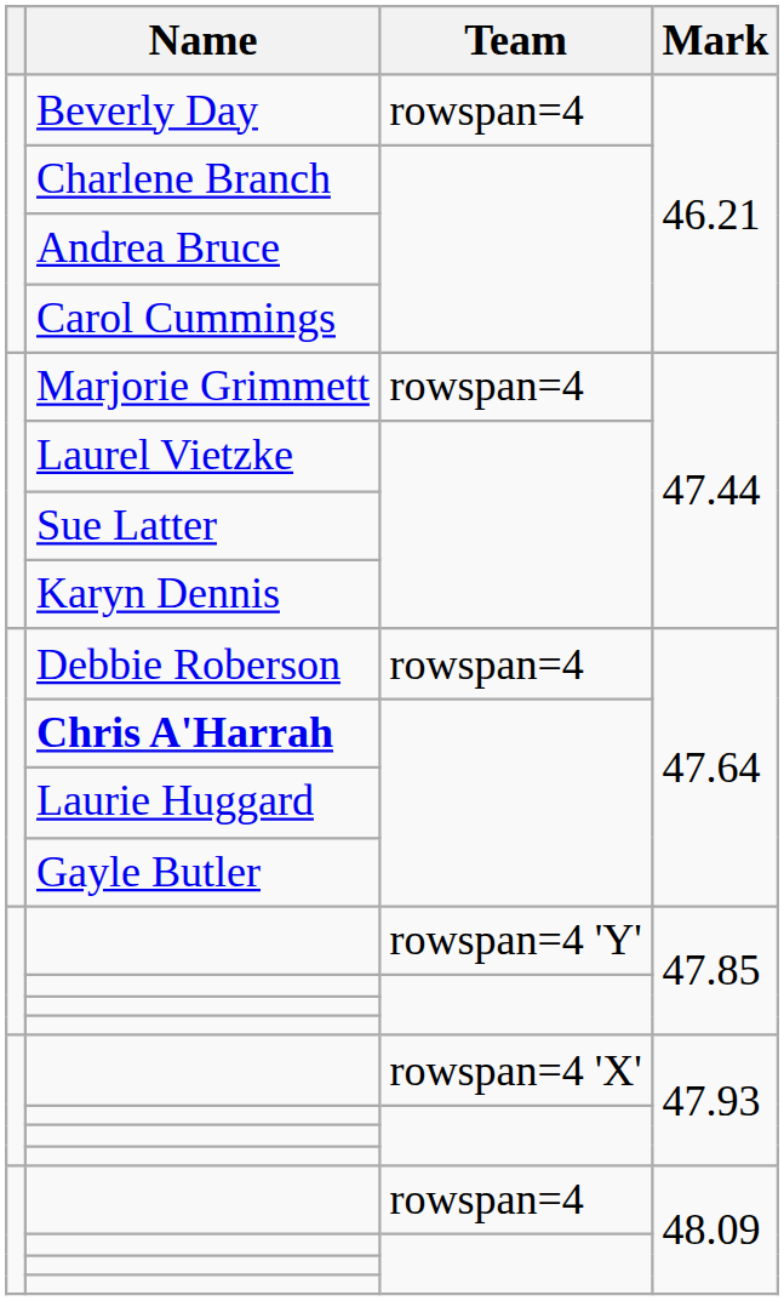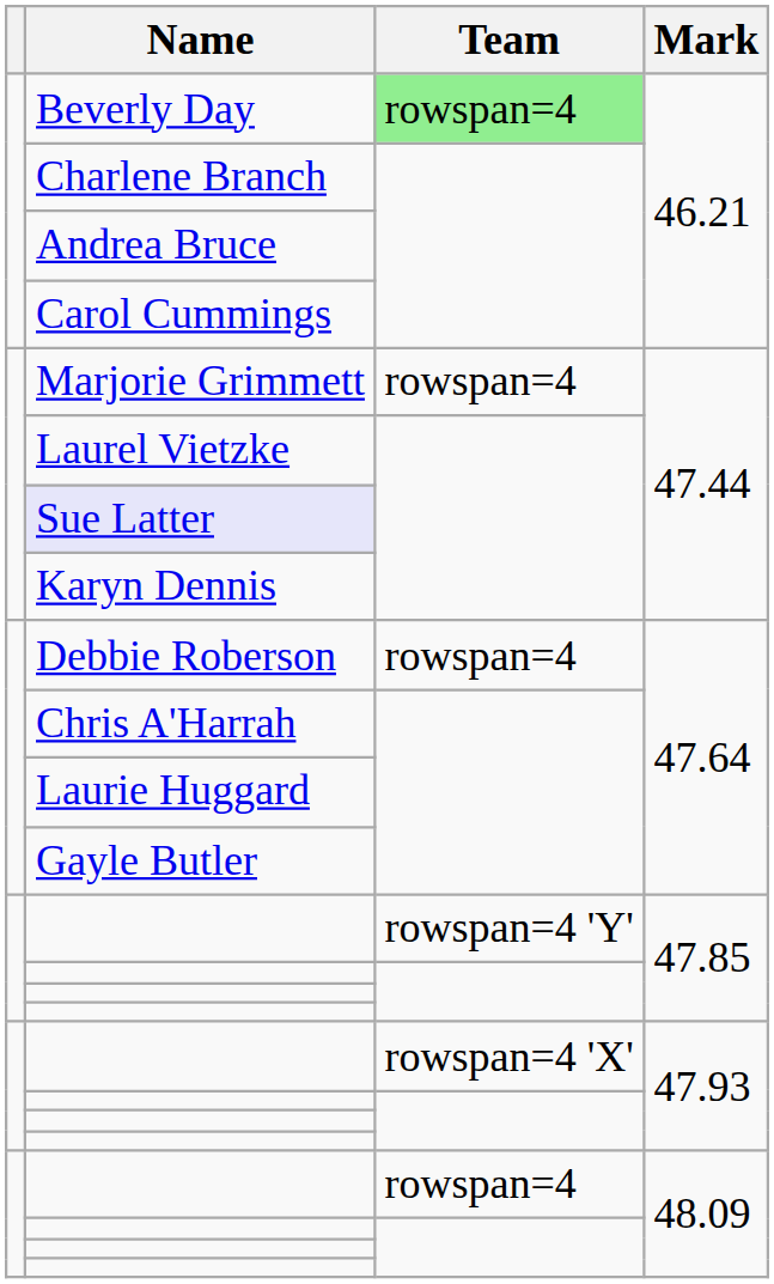 <table class=wikitable>
 <tr>
 <th></th>
 <th>Name</th>
 <th>Team</th>
 <th>Mark</th>
 </tr>
 <tr>
 <td rowspan=4></td>
 <td><a href='#'>Beverly Day</a></td>
-<td>rowspan=4 </td>
+<td style="background: lightgreen;">rowspan=4 </td>
 <td rowspan=4>46.21</td>
 </tr>
 <tr>
 <td><a href='#'>Charlene Branch</a></td>
 </tr>
 <tr>
 <td><a href='#'>Andrea Bruce</a></td>
 </tr>
 <tr>
 <td><a href='#'>Carol Cummings</a></td>
 </tr>
 <tr>
 <td rowspan=4></td>
 <td><a href='#'>Marjorie Grimmett</a></td>
 <td>rowspan=4 </td>
 <td rowspan=4>47.44</td>
 </tr>
 <tr>
 <td><a href='#'>Laurel Vietzke</a></td>
 </tr>
 <tr>
-<td><a href='#'>Sue Latter</a></td>
+<td style="background: lavender;"><a href='#'>Sue Latter</a></td>
 </tr>
 <tr>
 <td><a href='#'>Karyn Dennis</a></td>
 </tr>
 <tr>
 <td rowspan=4></td>
 <td><a href='#'>Debbie Roberson</a></td>
 <td>rowspan=4 </td>
 <td rowspan=4>47.64</td>
 </tr>
 <tr>
-<td><strong><a href='#'>Chris A'Harrah</a></strong></td>
+<td><a href='#'>Chris A'Harrah</a></td>
 </tr>
 <tr>
 <td><a href='#'>Laurie Huggard</a></td>
 </tr>
 <tr>
 <td><a href='#'>Gayle Butler</a></td>
 </tr>
 <tr>
 <td rowspan=4></td>
 <td></td>
 <td>rowspan=4  'Y'</td>
 <td rowspan=4>47.85</td>
 </tr>
 <tr>
 <td></td>
 </tr>
 <tr>
 <td></td>
 </tr>
 <tr>
 <td></td>
 </tr>
 <tr>
 <td rowspan=4></td>
 <td></td>
 <td>rowspan=4  'X'</td>
 <td rowspan=4>47.93</td>
 </tr>
 <tr>
 <td></td>
 </tr>
 <tr>
 <td></td>
 </tr>
 <tr>
 <td></td>
 </tr>
 <tr>
 <td rowspan=4></td>
 <td></td>
 <td>rowspan=4 </td>
 <td rowspan=4>48.09</td>
 </tr>
 <tr>
 <td></td>
 </tr>
 <tr>
 <td></td>
 </tr>
 <tr>
 <td></td>
 </tr>
 </table>
